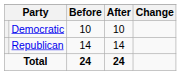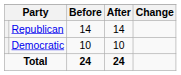 <table class="wikitable" style="text-align:center;">
 <tr>
 </tr>
 <tr>
 <th colspan=2>Party</th>
 <th>Before</th>
 <th>After</th>
 <th>Change</th>
 </tr>
 <tr>
 <th style="background-color:"></th>
-<td style="text-align:left;"><a href='#'>Democratic</a></td>
-<td>10</td>
-<td>10</td>
+<td style="text-align:left;"><a href='#'>Republican</a></td>
+<td>14</td>
+<td>14</td>
 <td></td>
 </tr>
 <tr>
 <th style="background-color:"></th>
-<td style="text-align:left;"><a href='#'>Republican</a></td>
-<td>14</td>
-<td>14</td>
+<td style="text-align:left;"><a href='#'>Democratic</a></td>
+<td>10</td>
+<td>10</td>
 <td></td>
 </tr>
 <tr>
 <td colspan=2><strong>Total</strong></td>
 <td><strong>24</strong></td>
 <td><strong>24</strong></td>
 <td></td>
 </tr>
 </table>
